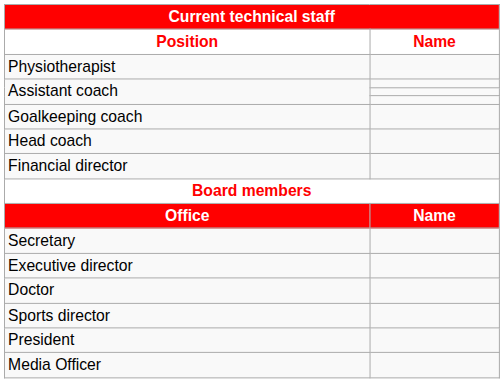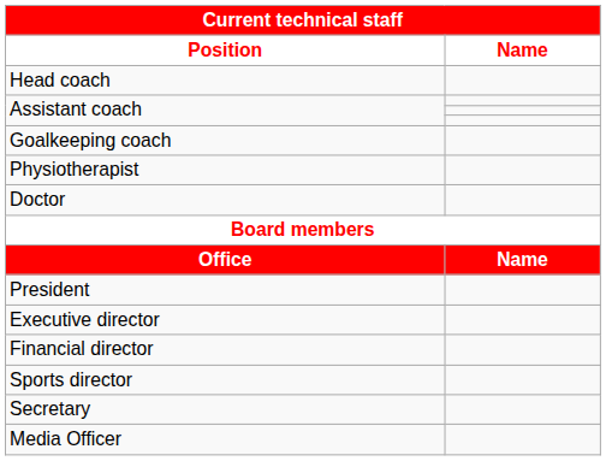 <table class="wikitable" width=40% style="text-align:left;font-size:100%">
 <tr>
 <th style="color:#FFFFFF;background:#FF0000" colspan="2">Current technical staff</th>
 </tr>
 <tr>
 <th style="color:#FF0000;background:#FFFFFF">Position</th>
 <th style="color:#FF0000;background:#FFFFFF">Name</th>
 </tr>
 <tr>
-<td>Physiotherapist</td>
+<td>Head coach</td>
 <td> </td>
 </tr>
 <tr>
 <td rowspan="3">Assistant coach</td>
 <td> </td>
 </tr>
 <tr>
 <td> </td>
 </tr>
 <tr>
 <td> </td>
 </tr>
 <tr>
 <td>Goalkeeping coach</td>
 <td> </td>
 </tr>
 <tr>
-<td>Head coach</td>
+<td>Physiotherapist</td>
 <td> </td>
 </tr>
 <tr>
-<td>Financial director</td>
+<td>Doctor</td>
 <td> </td>
 </tr>
 <tr>
 <th style="color:#FF0000;background:#FFFFFF" colspan="2">Board members</th>
 </tr>
 <tr>
 <th style="color:#FFFFFF;background:#FF0000">Office</th>
 <th style="color:#FFFFFF;background:#FF0000">Name</th>
 </tr>
 <tr>
-<td>Secretary</td>
+<td>President</td>
 <td> </td>
 </tr>
 <tr>
 <td>Executive director</td>
 <td> </td>
 </tr>
 <tr>
-<td>Doctor</td>
+<td>Financial director</td>
 <td> </td>
 </tr>
 <tr>
 <td>Sports director</td>
 <td> </td>
 </tr>
 <tr>
-<td>President</td>
+<td>Secretary</td>
 <td> </td>
 </tr>
 <tr>
 <td>Media Officer</td>
 <td> </td>
 </tr>
 </table>
